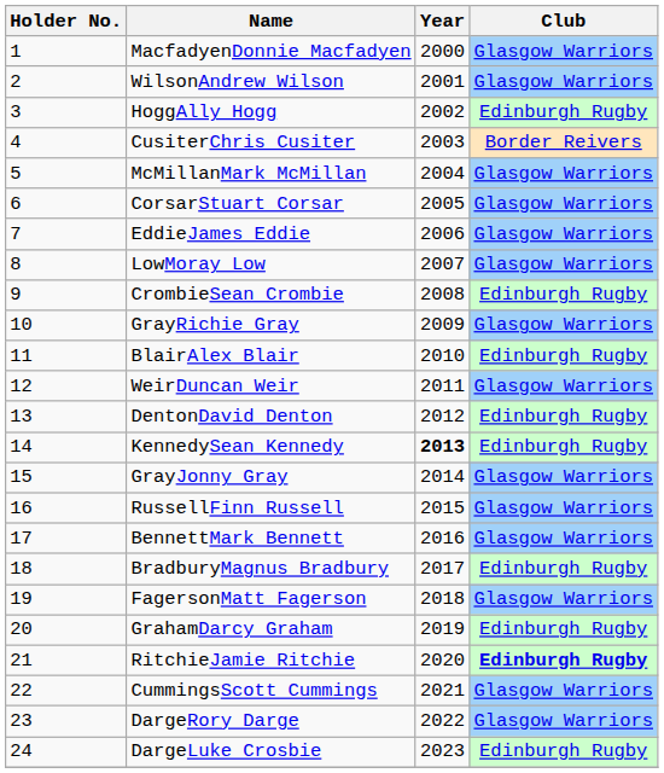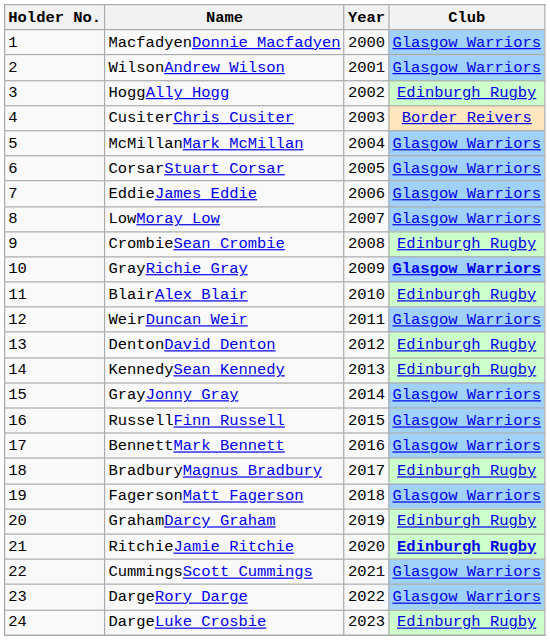 <table class="sortable wikitable">
 <tr>
 <th data-sort-type="number">Holder No.</th>
 <th>Name</th>
 <th>Year</th>
 <th>Club</th>
 </tr>
 <tr>
 <td>1</td>
 <td><span>Macfadyen</span><a href='#'>Donnie Macfadyen</a></td>
 <td>2000</td>
 <td style="text-align:center; background:#A0D1F9;"><a href='#'>Glasgow Warriors</a></td>
 </tr>
 <tr>
 <td>2</td>
 <td><span>Wilson</span><a href='#'>Andrew Wilson</a></td>
 <td>2001</td>
 <td style="text-align:center; background:#A0D1F9;"><a href='#'>Glasgow Warriors</a></td>
 </tr>
 <tr>
 <td>3</td>
 <td><span>Hogg</span><a href='#'>Ally Hogg</a></td>
 <td>2002</td>
 <td style="text-align:center; background:#ccffcc;"><a href='#'>Edinburgh Rugby</a></td>
 </tr>
 <tr>
 <td>4</td>
 <td><span>Cusiter</span><a href='#'>Chris Cusiter</a></td>
 <td>2003</td>
 <td style="text-align:center; background:#ffe6bd;"><a href='#'>Border Reivers</a></td>
 </tr>
 <tr>
 <td>5</td>
 <td><span>McMillan</span><a href='#'>Mark McMillan</a></td>
 <td>2004</td>
 <td style="text-align:center; background:#A0D1F9;"><a href='#'>Glasgow Warriors</a></td>
 </tr>
 <tr>
 <td>6</td>
 <td><span>Corsar</span><a href='#'>Stuart Corsar</a></td>
 <td>2005</td>
 <td style="text-align:center; background:#A0D1F9;"><a href='#'>Glasgow Warriors</a></td>
 </tr>
 <tr>
 <td>7</td>
 <td><span>Eddie</span><a href='#'>James Eddie</a></td>
 <td>2006</td>
 <td style="text-align:center; background:#A0D1F9;"><a href='#'>Glasgow Warriors</a></td>
 </tr>
 <tr>
 <td>8</td>
 <td><span>Low</span><a href='#'>Moray Low</a></td>
 <td>2007</td>
 <td style="text-align:center; background:#A0D1F9;"><a href='#'>Glasgow Warriors</a></td>
 </tr>
 <tr>
 <td>9</td>
 <td><span>Crombie</span><a href='#'>Sean Crombie</a></td>
 <td>2008</td>
 <td style="text-align:center; background:#ccffcc;"><a href='#'>Edinburgh Rugby</a></td>
 </tr>
 <tr>
 <td>10</td>
 <td><span>Gray</span><a href='#'>Richie Gray</a></td>
 <td>2009</td>
-<td style="text-align:center; background:#A0D1F9;"><a href='#'>Glasgow Warriors</a></td>
+<td style="text-align:center; background:#A0D1F9;"><strong><a href='#'>Glasgow Warriors</a></strong></td>
 </tr>
 <tr>
 <td>11</td>
 <td><span>Blair</span><a href='#'>Alex Blair</a></td>
 <td>2010</td>
 <td style="text-align:center; background:#ccffcc;"><a href='#'>Edinburgh Rugby</a></td>
 </tr>
 <tr>
 <td>12</td>
 <td><span>Weir</span><a href='#'>Duncan Weir</a></td>
 <td>2011</td>
 <td style="text-align:center; background:#A0D1F9;"><a href='#'>Glasgow Warriors</a></td>
 </tr>
 <tr>
 <td>13</td>
 <td><span>Denton</span><a href='#'>David Denton</a></td>
 <td>2012</td>
 <td style="text-align:center; background:#ccffcc;"><a href='#'>Edinburgh Rugby</a></td>
 </tr>
 <tr>
 <td>14</td>
 <td><span>Kennedy</span><a href='#'>Sean Kennedy</a></td>
-<td><strong>2013</strong></td>
+<td>2013</td>
 <td style="text-align:center; background:#ccffcc;"><a href='#'>Edinburgh Rugby</a></td>
 </tr>
 <tr>
 <td>15</td>
 <td><span>Gray</span><a href='#'>Jonny Gray</a></td>
 <td>2014</td>
 <td style="text-align:center; background:#A0D1F9;"><a href='#'>Glasgow Warriors</a></td>
 </tr>
 <tr>
 <td>16</td>
 <td><span>Russell</span><a href='#'>Finn Russell</a></td>
 <td>2015</td>
 <td style="text-align:center; background:#A0D1F9;"><a href='#'>Glasgow Warriors</a></td>
 </tr>
 <tr>
 <td>17</td>
 <td><span>Bennett</span><a href='#'>Mark Bennett</a></td>
 <td>2016</td>
 <td style="text-align:center; background:#A0D1F9;"><a href='#'>Glasgow Warriors</a></td>
 </tr>
 <tr>
 <td>18</td>
 <td><span>Bradbury</span><a href='#'>Magnus Bradbury</a></td>
 <td>2017</td>
 <td style="text-align:center; background:#ccffcc;"><a href='#'>Edinburgh Rugby</a></td>
 </tr>
 <tr>
 <td>19</td>
 <td><span>Fagerson</span><a href='#'>Matt Fagerson</a></td>
 <td>2018</td>
 <td style="text-align:center; background:#A0D1F9;"><a href='#'>Glasgow Warriors</a></td>
 </tr>
 <tr>
 <td>20</td>
 <td><span>Graham</span><a href='#'>Darcy Graham</a></td>
 <td>2019</td>
 <td style="text-align:center; background:#ccffcc;"><a href='#'>Edinburgh Rugby</a></td>
 </tr>
 <tr>
 <td>21</td>
 <td><span>Ritchie</span><a href='#'>Jamie Ritchie</a></td>
 <td>2020</td>
 <td style="text-align:center; background:#ccffcc;"><strong><a href='#'>Edinburgh Rugby</a></strong></td>
 </tr>
 <tr>
 <td>22</td>
 <td><span>Cummings</span><a href='#'>Scott Cummings</a></td>
 <td>2021</td>
 <td style="text-align:center; background:#A0D1F9;"><a href='#'>Glasgow Warriors</a></td>
 </tr>
 <tr>
 <td>23</td>
 <td><span>Darge</span><a href='#'>Rory Darge</a></td>
 <td>2022</td>
 <td style="text-align:center; background:#A0D1F9;"><a href='#'>Glasgow Warriors</a></td>
 </tr>
 <tr>
 <td>24</td>
 <td><span>Darge</span><a href='#'>Luke Crosbie</a></td>
 <td>2023</td>
 <td style="text-align:center; background:#ccffcc;"><a href='#'>Edinburgh Rugby</a></td>
 </tr>
 <tr>
 </tr>
 </table>
